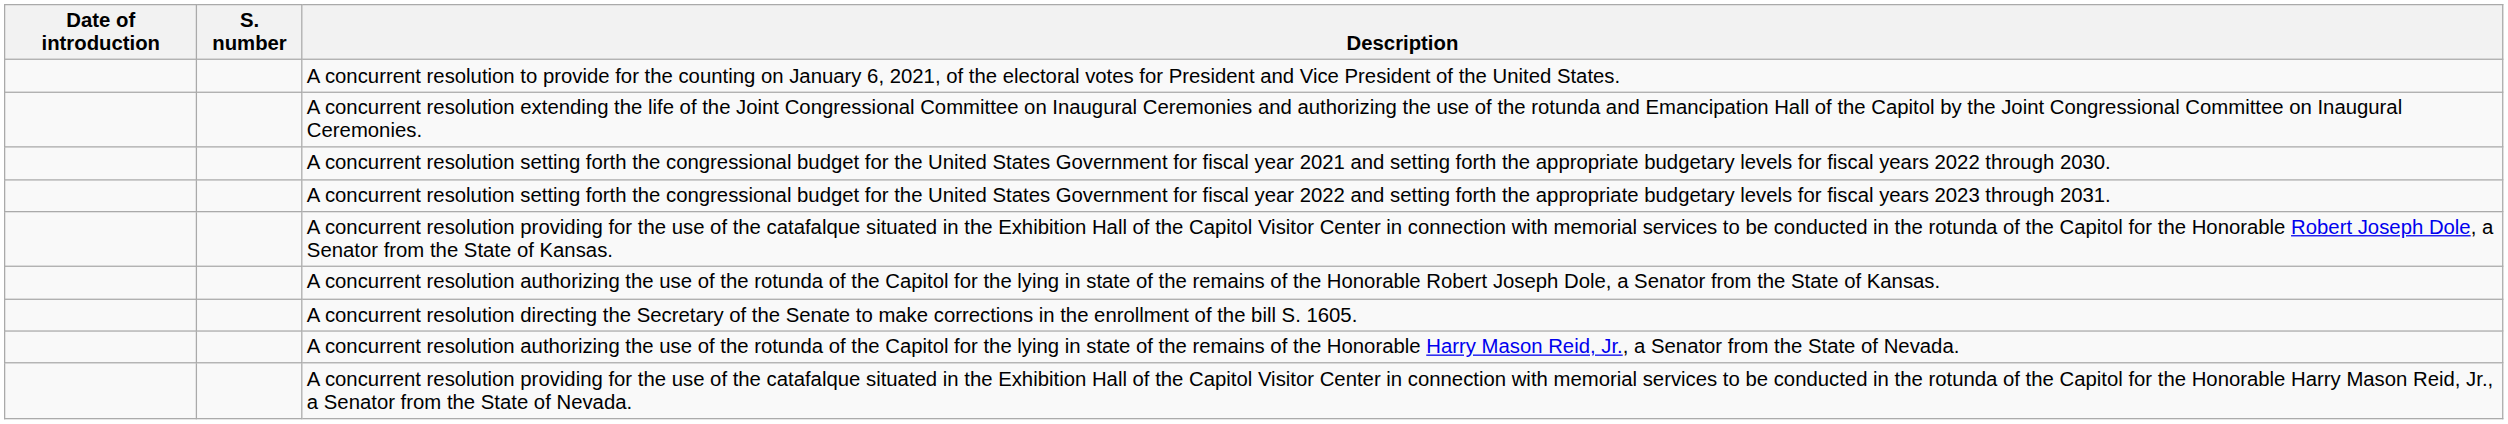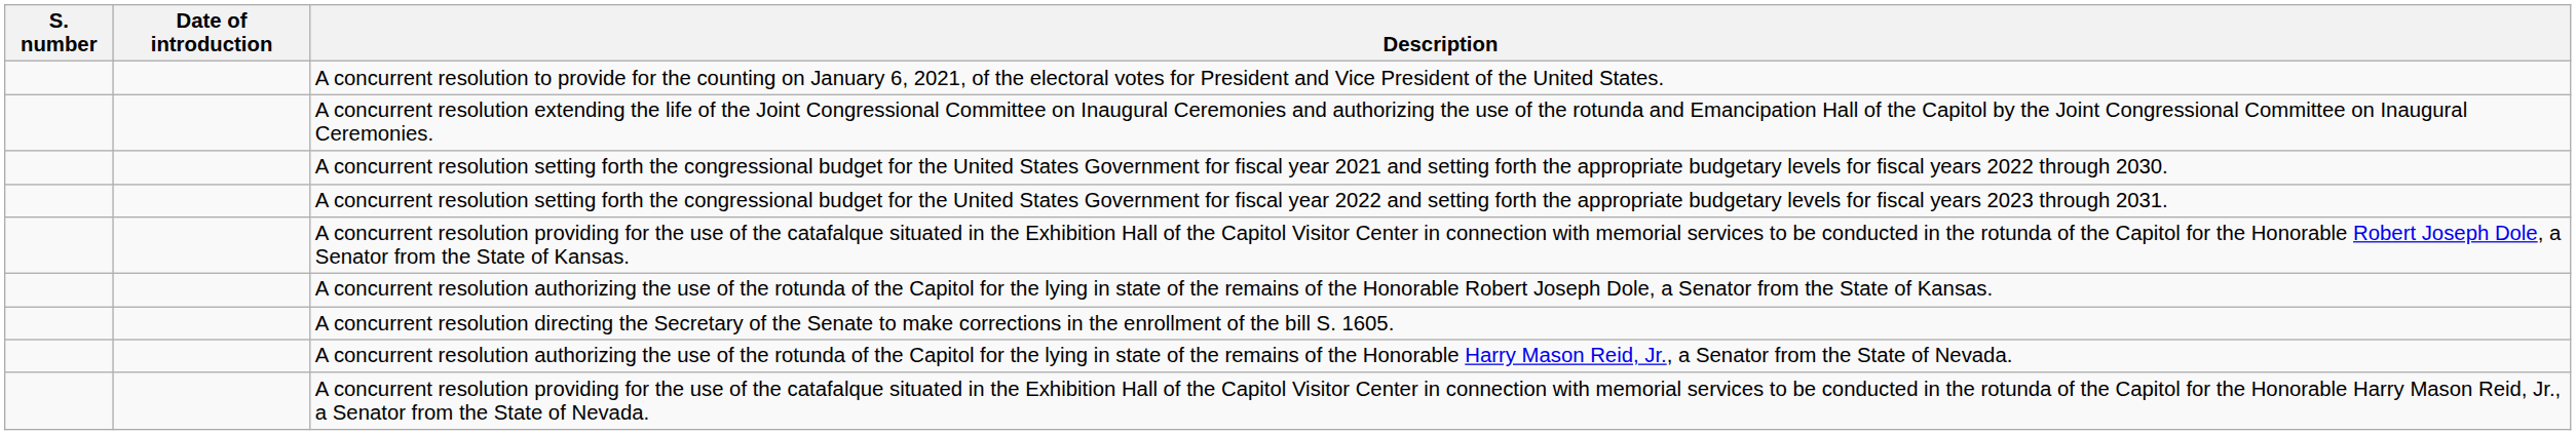 <table class="wikitable">
 <tr valign="bottom">
+<th>S. number</th>
 <th>Date of introduction</th>
-<th>S. number</th>
 <th>Description</th>
 </tr>
 <tr>
 <td></td>
 <td></td>
 <td>A concurrent resolution to provide for the counting on January 6, 2021, of the electoral votes for President and Vice President of the United States.</td>
 </tr>
 <tr>
 <td></td>
 <td></td>
 <td>A concurrent resolution extending the life of the Joint Congressional Committee on Inaugural Ceremonies and authorizing the use of the rotunda and Emancipation Hall of the Capitol by the Joint Congressional Committee on Inaugural Ceremonies.</td>
 </tr>
 <tr>
 <td></td>
 <td></td>
 <td>A concurrent resolution setting forth the congressional budget for the United States Government for fiscal year 2021 and setting forth the appropriate budgetary levels for fiscal years 2022 through 2030.</td>
 </tr>
 <tr>
 <td></td>
 <td></td>
 <td>A concurrent resolution setting forth the congressional budget for the United States Government for fiscal year 2022 and setting forth the appropriate budgetary levels for fiscal years 2023 through 2031.</td>
 </tr>
 <tr>
 <td></td>
 <td></td>
 <td>A concurrent resolution providing for the use of the catafalque situated in the Exhibition Hall of the Capitol Visitor Center in connection with memorial services to be conducted in the rotunda of the Capitol for the Honorable <a href='#'>Robert Joseph Dole</a>, a Senator from the State of Kansas.</td>
 </tr>
 <tr>
 <td></td>
 <td></td>
 <td>A concurrent resolution authorizing the use of the rotunda of the Capitol for the lying in state of the remains of the Honorable Robert Joseph Dole, a Senator from the State of Kansas.</td>
 </tr>
 <tr>
 <td></td>
 <td></td>
 <td>A concurrent resolution directing the Secretary of the Senate to make corrections in the enrollment of the bill S. 1605.</td>
 </tr>
 <tr>
 <td></td>
 <td></td>
 <td>A concurrent resolution authorizing the use of the rotunda of the Capitol for the lying in state of the remains of the Honorable <a href='#'>Harry Mason Reid, Jr.</a>, a Senator from the State of Nevada.</td>
 </tr>
 <tr>
 <td></td>
 <td></td>
 <td>A concurrent resolution providing for the use of the catafalque situated in the Exhibition Hall of the Capitol Visitor Center in connection with memorial services to be conducted in the rotunda of the Capitol for the Honorable Harry Mason Reid, Jr., a Senator from the State of Nevada.</td>
 </tr>
 </table>
